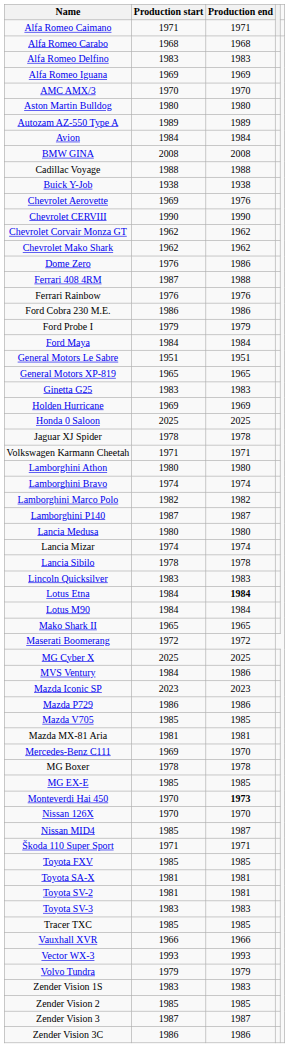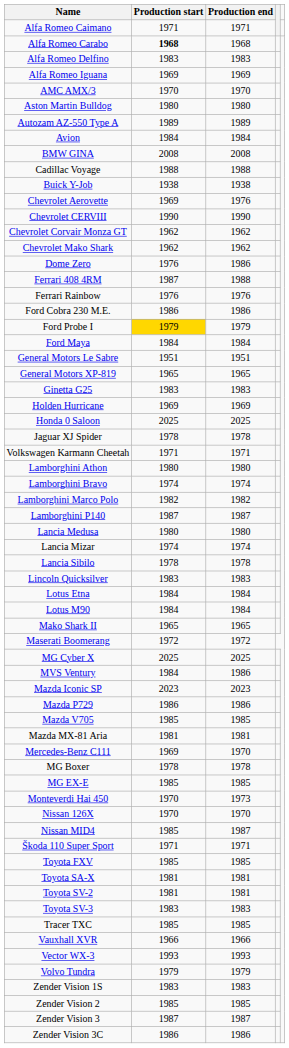 <table class="wikitable plainrowheaders sortable" style="text-align:center">
 <tr>
 <th scope=col>Name</th>
 <th scope=col>Production start</th>
 <th scope=col>Production end</th>
 <th scope="col" rowspan="2" class=unsortable></th>
 </tr>
 <tr>
 <td><a href='#'>Alfa Romeo Caimano</a></td>
 <td>1971</td>
 <td>1971</td>
 <td></td>
 </tr>
 <tr>
 <td><a href='#'>Alfa Romeo Carabo</a></td>
-<td>1968</td>
+<td><strong>1968</strong></td>
 <td>1968</td>
 <td></td>
 </tr>
 <tr>
 <td><a href='#'>Alfa Romeo Delfino</a></td>
 <td>1983</td>
 <td>1983</td>
 <td></td>
 </tr>
 <tr>
 <td><a href='#'>Alfa Romeo Iguana</a></td>
 <td>1969</td>
 <td>1969</td>
 <td></td>
 </tr>
 <tr>
 <td><a href='#'>AMC AMX/3</a></td>
 <td>1970</td>
 <td>1970</td>
 <td></td>
 </tr>
 <tr>
 <td><a href='#'>Aston Martin Bulldog</a></td>
 <td>1980</td>
 <td>1980</td>
 <td></td>
 </tr>
 <tr>
 <td><a href='#'>Autozam AZ-550 Type A</a></td>
 <td>1989</td>
 <td>1989</td>
 <td></td>
 </tr>
 <tr>
 <td><a href='#'>Avion</a></td>
 <td>1984</td>
 <td>1984</td>
 <td></td>
 </tr>
 <tr>
 <td><a href='#'>BMW GINA</a></td>
 <td>2008</td>
 <td>2008</td>
 <td></td>
 </tr>
 <tr>
 <td>Cadillac Voyage</td>
 <td>1988</td>
 <td>1988</td>
 <td></td>
 </tr>
 <tr>
 <td><a href='#'>Buick Y-Job</a></td>
 <td>1938</td>
 <td>1938</td>
 <td></td>
 </tr>
 <tr>
 <td><a href='#'>Chevrolet Aerovette</a></td>
 <td>1969</td>
 <td>1976</td>
 <td></td>
 </tr>
 <tr>
 <td><a href='#'>Chevrolet CERVIII</a></td>
 <td>1990</td>
 <td>1990</td>
 <td></td>
 </tr>
 <tr>
 <td><a href='#'>Chevrolet Corvair Monza GT</a></td>
 <td>1962</td>
 <td>1962</td>
 <td></td>
 </tr>
 <tr>
 <td><a href='#'>Chevrolet Mako Shark</a></td>
 <td>1962</td>
 <td>1962</td>
 <td></td>
 </tr>
 <tr>
 <td><a href='#'>Dome Zero</a></td>
 <td>1976</td>
 <td>1986</td>
 <td></td>
 </tr>
 <tr>
 <td><a href='#'>Ferrari 408 4RM</a></td>
 <td>1987</td>
 <td>1988</td>
 <td></td>
 </tr>
 <tr>
 <td>Ferrari Rainbow</td>
 <td>1976</td>
 <td>1976</td>
 <td></td>
 </tr>
 <tr>
 <td>Ford Cobra 230 M.E.</td>
 <td>1986</td>
 <td>1986</td>
 <td></td>
 </tr>
 <tr>
 <td>Ford Probe I</td>
-<td>1979</td>
+<td style="background: gold;">1979</td>
 <td>1979</td>
 <td></td>
 </tr>
 <tr>
 <td><a href='#'>Ford Maya</a></td>
 <td>1984</td>
 <td>1984</td>
 <td></td>
 </tr>
 <tr>
 <td><a href='#'>General Motors Le Sabre</a></td>
 <td>1951</td>
 <td>1951</td>
 <td></td>
 </tr>
 <tr>
 <td><a href='#'>General Motors XP-819</a></td>
 <td>1965</td>
 <td>1965</td>
 <td></td>
 </tr>
 <tr>
 <td><a href='#'>Ginetta G25</a></td>
 <td>1983</td>
 <td>1983</td>
 <td></td>
 </tr>
 <tr>
 <td><a href='#'>Holden Hurricane</a></td>
 <td>1969</td>
 <td>1969</td>
 <td></td>
 </tr>
 <tr>
 <td><a href='#'>Honda 0 Saloon</a></td>
 <td>2025</td>
 <td>2025</td>
 <td></td>
 </tr>
 <tr>
 <td>Jaguar XJ Spider</td>
 <td>1978</td>
 <td>1978</td>
 <td></td>
 </tr>
 <tr>
 <td>Volkswagen Karmann Cheetah</td>
 <td>1971</td>
 <td>1971</td>
 <td></td>
 </tr>
 <tr>
 <td><a href='#'>Lamborghini Athon</a></td>
 <td>1980</td>
 <td>1980</td>
 <td></td>
 </tr>
 <tr>
 <td><a href='#'>Lamborghini Bravo</a></td>
 <td>1974</td>
 <td>1974</td>
 <td></td>
 </tr>
 <tr>
 <td><a href='#'>Lamborghini Marco Polo</a></td>
 <td>1982</td>
 <td>1982</td>
 <td></td>
 </tr>
 <tr>
 <td><a href='#'>Lamborghini P140</a></td>
 <td>1987</td>
 <td>1987</td>
 <td></td>
 </tr>
 <tr>
 <td><a href='#'>Lancia Medusa</a></td>
 <td>1980</td>
 <td>1980</td>
 <td></td>
 </tr>
 <tr>
 <td>Lancia Mizar</td>
 <td>1974</td>
 <td>1974</td>
 <td></td>
 </tr>
 <tr>
 <td><a href='#'>Lancia Sibilo</a></td>
 <td>1978</td>
 <td>1978</td>
 <td></td>
 </tr>
 <tr>
 <td><a href='#'>Lincoln Quicksilver</a></td>
 <td>1983</td>
 <td>1983</td>
 <td></td>
 </tr>
 <tr>
 <td><a href='#'>Lotus Etna</a></td>
 <td>1984</td>
-<td><strong>1984</strong></td>
+<td>1984</td>
 <td></td>
 </tr>
 <tr>
 <td><a href='#'>Lotus M90</a></td>
 <td>1984</td>
 <td>1984</td>
 <td></td>
 </tr>
 <tr>
 <td><a href='#'>Mako Shark II</a></td>
 <td>1965</td>
 <td>1965</td>
 <td></td>
 </tr>
 <tr>
 <td><a href='#'>Maserati Boomerang</a></td>
 <td>1972</td>
 <td>1972</td>
 </tr>
 <tr>
 <td><a href='#'>MG Cyber X</a></td>
 <td>2025</td>
 <td>2025</td>
 <td></td>
 </tr>
 <tr>
 <td><a href='#'>MVS Ventury</a></td>
 <td>1984</td>
 <td>1986</td>
 <td></td>
 </tr>
 <tr>
 <td><a href='#'>Mazda Iconic SP</a></td>
 <td>2023</td>
 <td>2023</td>
 <td></td>
 </tr>
 <tr>
 <td><a href='#'>Mazda P729</a></td>
 <td>1986</td>
 <td>1986</td>
 <td></td>
 </tr>
 <tr>
 <td><a href='#'>Mazda V705</a></td>
 <td>1985</td>
 <td>1985</td>
 <td></td>
 </tr>
 <tr>
 <td>Mazda MX-81 Aria</td>
 <td>1981</td>
 <td>1981</td>
 <td></td>
 </tr>
 <tr>
 <td><a href='#'>Mercedes-Benz C111</a></td>
 <td>1969</td>
 <td>1970</td>
 <td></td>
 </tr>
 <tr>
 <td>MG Boxer</td>
 <td>1978</td>
 <td>1978</td>
 <td></td>
 </tr>
 <tr>
 <td><a href='#'>MG EX-E</a></td>
 <td>1985</td>
 <td>1985</td>
 <td></td>
 </tr>
 <tr>
 <td><a href='#'>Monteverdi Hai 450</a></td>
 <td>1970</td>
-<td><strong>1973</strong></td>
+<td>1973</td>
 <td></td>
 </tr>
 <tr>
 <td><a href='#'>Nissan 126X</a></td>
 <td>1970</td>
 <td>1970</td>
 <td></td>
 </tr>
 <tr>
 <td><a href='#'>Nissan MID4</a></td>
 <td>1985</td>
 <td>1987</td>
 <td></td>
 </tr>
 <tr>
 <td><a href='#'>Škoda 110 Super Sport</a></td>
 <td>1971</td>
 <td>1971</td>
 <td></td>
 </tr>
 <tr>
 <td><a href='#'>Toyota FXV</a></td>
 <td>1985</td>
 <td>1985</td>
 <td></td>
 </tr>
 <tr>
 <td><a href='#'>Toyota SA-X</a></td>
 <td>1981</td>
 <td>1981</td>
 <td></td>
 </tr>
 <tr>
 <td><a href='#'>Toyota SV-2</a></td>
 <td>1981</td>
 <td>1981</td>
 <td></td>
 </tr>
 <tr>
 <td><a href='#'>Toyota SV-3</a></td>
 <td>1983</td>
 <td>1983</td>
 <td></td>
 </tr>
 <tr>
 <td>Tracer TXC</td>
 <td>1985</td>
 <td>1985</td>
 <td></td>
 </tr>
 <tr>
 <td><a href='#'>Vauxhall XVR</a></td>
 <td>1966</td>
 <td>1966</td>
 <td></td>
 </tr>
 <tr>
 <td><a href='#'>Vector WX-3</a></td>
 <td>1993</td>
 <td>1993</td>
 <td></td>
 </tr>
 <tr>
 <td><a href='#'>Volvo Tundra</a></td>
 <td>1979</td>
 <td>1979</td>
 <td></td>
 </tr>
 <tr>
 <td>Zender Vision 1S</td>
 <td>1983</td>
 <td>1983</td>
 <td></td>
 </tr>
 <tr>
 <td>Zender Vision 2</td>
 <td>1985</td>
 <td>1985</td>
 <td></td>
 </tr>
 <tr>
 <td>Zender Vision 3</td>
 <td>1987</td>
 <td>1987</td>
 <td></td>
 </tr>
 <tr>
 <td>Zender Vision 3C</td>
 <td>1986</td>
 <td>1986</td>
 <td></td>
 </tr>
 </table>
